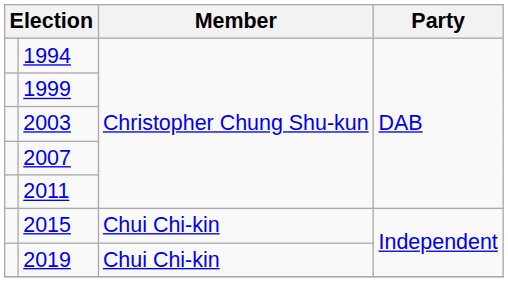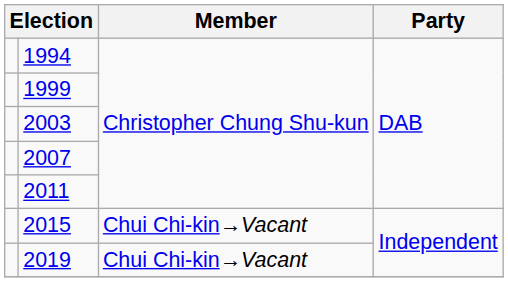 <table class="wikitable">
 <tr>
 <th colspan="2">Election</th>
 <th>Member</th>
 <th>Party</th>
 </tr>
 <tr>
 <td style="background-color: "></td>
 <td><a href='#'>1994</a></td>
 <td rowspan=5><a href='#'>Christopher Chung Shu-kun</a></td>
 <td rowspan=5><a href='#'>DAB</a></td>
 </tr>
 <tr>
 <td style="background-color: "></td>
 <td><a href='#'>1999</a></td>
 </tr>
 <tr>
 <td style="background-color: "></td>
 <td><a href='#'>2003</a></td>
 </tr>
 <tr>
 <td style="background-color: "></td>
 <td><a href='#'>2007</a></td>
 </tr>
 <tr>
 <td style="background-color: "></td>
 <td><a href='#'>2011</a></td>
 </tr>
 <tr>
 <td style="background-color: "></td>
 <td><a href='#'>2015</a></td>
-<td><a href='#'>Chui Chi-kin</a></td>
+<td><a href='#'>Chui Chi-kin</a>→<em>Vacant</em></td>
 <td rowspan=2><a href='#'>Independent</a></td>
 </tr>
 <tr>
 <td style="background-color: "></td>
 <td><a href='#'>2019</a></td>
-<td><a href='#'>Chui Chi-kin</a></td>
+<td><a href='#'>Chui Chi-kin</a>→<em>Vacant</em></td>
 </tr>
 <tr>
 </tr>
 </table>
